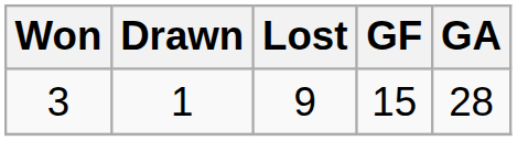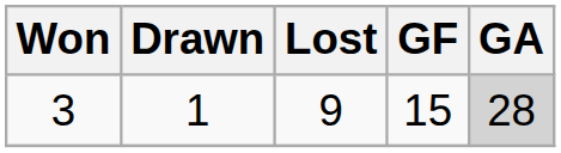 <table class="wikitable" style="text-align:center">
 <tr>
 <th>Won</th>
 <th>Drawn</th>
 <th>Lost</th>
 <th>GF</th>
 <th>GA</th>
 </tr>
 <tr>
 <td>3</td>
 <td>1</td>
 <td>9</td>
 <td>15</td>
-<td>28</td>
+<td style="background: lightgrey;">28</td>
 </tr>
 <tr>
 </tr>
 </table>
